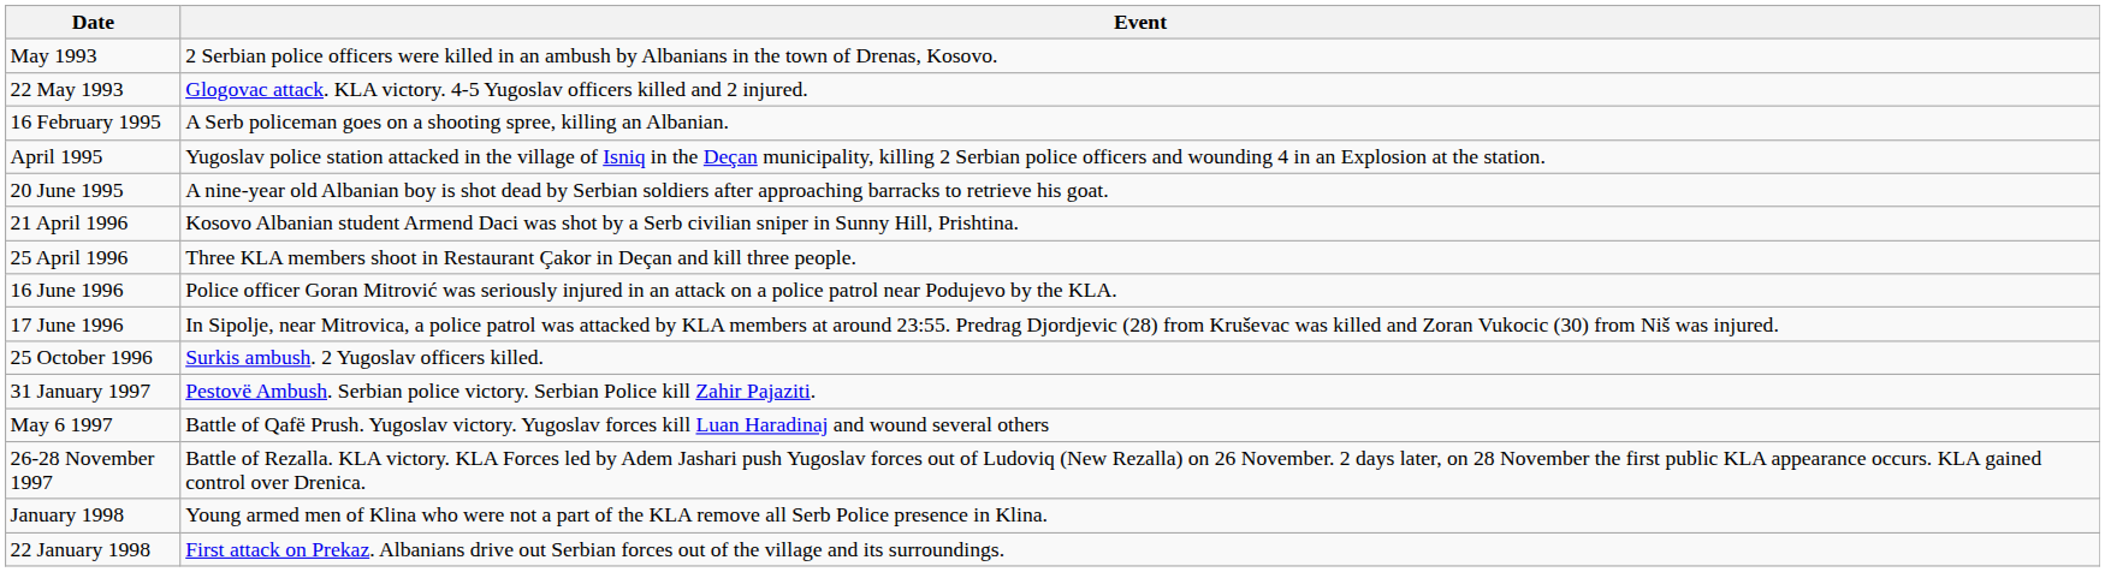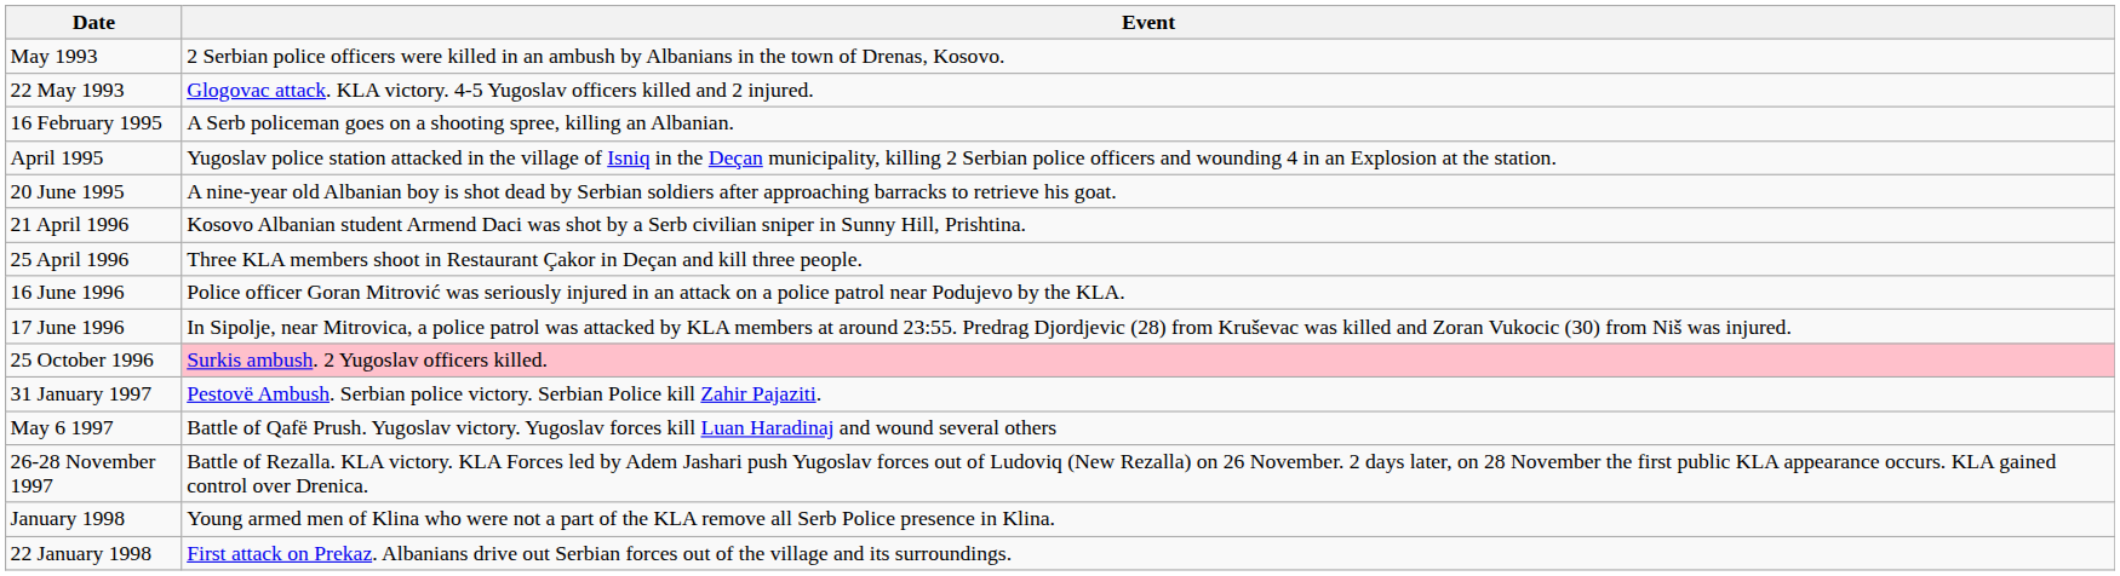 <table class="wikitable" width="100%">
 <tr>
 <th width="125">Date</th>
 <th>Event</th>
 </tr>
 <tr>
 <td>May 1993</td>
 <td>2 Serbian police officers were killed in an ambush by Albanians in the town of Drenas, Kosovo.</td>
 </tr>
 <tr>
 <td>22 May 1993</td>
 <td><a href='#'>Glogovac attack</a>. KLA victory. 4-5 Yugoslav officers killed and 2 injured.</td>
 </tr>
 <tr>
 <td>16 February 1995</td>
 <td>A Serb policeman goes on a shooting spree, killing an Albanian.</td>
 </tr>
 <tr>
 <td>April 1995</td>
 <td>Yugoslav police station attacked in the village of <a href='#'>Isniq</a> in the <a href='#'>Deçan</a> municipality, killing 2 Serbian police officers and wounding 4 in an Explosion at the station. </td>
 </tr>
 <tr>
 <td>20 June 1995</td>
 <td>A nine-year old Albanian boy is shot dead by Serbian soldiers after approaching barracks to retrieve his goat.</td>
 </tr>
 <tr>
 <td>21 April 1996</td>
 <td>Kosovo Albanian student Armend Daci was shot by a Serb civilian sniper in Sunny Hill, Prishtina.</td>
 </tr>
 <tr>
 <td>25 April 1996</td>
 <td>Three KLA members shoot in Restaurant Çakor in Deçan and kill three people.</td>
 </tr>
 <tr>
 <td>16 June 1996</td>
 <td>Police officer Goran Mitrović was seriously injured in an attack on a police patrol near Podujevo by the KLA.</td>
 </tr>
 <tr>
 <td>17 June 1996</td>
 <td>In Sipolje, near Mitrovica, a police patrol was attacked by KLA members at around 23:55. Predrag Djordjevic (28) from Kruševac was killed and Zoran Vukocic (30) from Niš was injured.</td>
 </tr>
 <tr>
 <td>25 October 1996</td>
-<td><a href='#'>Surkis ambush</a>. 2 Yugoslav officers killed.</td>
+<td style="background: pink;"><a href='#'>Surkis ambush</a>. 2 Yugoslav officers killed.</td>
 </tr>
 <tr>
 <td>31 January 1997</td>
 <td><a href='#'>Pestovë Ambush</a>. Serbian police victory. Serbian Police kill <a href='#'>Zahir Pajaziti</a>.</td>
 </tr>
 <tr>
 <td>May 6 1997</td>
 <td>Battle of Qafë Prush. Yugoslav victory. Yugoslav forces kill <a href='#'>Luan Haradinaj</a> and wound several others</td>
 </tr>
 <tr>
 <td>26-28 November 1997</td>
 <td>Battle of Rezalla. KLA victory. KLA Forces led by Adem Jashari push Yugoslav forces out of Ludoviq (New Rezalla) on 26 November. 2 days later, on 28 November the first public KLA appearance occurs. KLA gained control over Drenica.</td>
 </tr>
 <tr>
 <td>January 1998</td>
 <td>Young armed men of Klina who were not a part of the KLA remove all Serb Police presence in Klina.</td>
 </tr>
 <tr>
 <td>22 January 1998</td>
 <td><a href='#'>First attack on Prekaz</a>. Albanians drive out Serbian forces out of the village and its surroundings.</td>
 </tr>
 </table>
